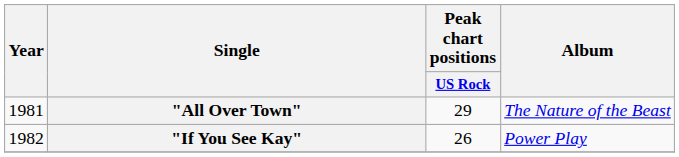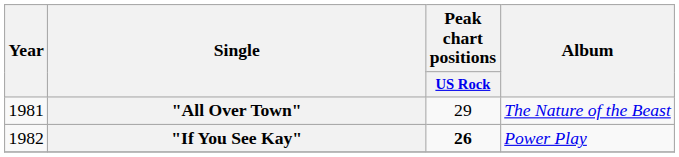 <table class="wikitable plainrowheaders" style="text-align:center;">
 <tr>
 <th rowspan="2">Year</th>
 <th rowspan="2" style="width:21em;">Single</th>
 <th>Peak chart<br>positions</th>
 <th rowspan="2">Album</th>
 </tr>
 <tr style="font-size:smaller;">
 <th width="60"><a href='#'>US Rock</a></th>
 </tr>
 <tr>
 <td>1981</td>
 <th scope="row">"All Over Town"</th>
 <td>29</td>
 <td align="left"><em><a href='#'>The Nature of the Beast</a></em></td>
 </tr>
 <tr>
 <td>1982</td>
 <th scope="row">"If You See Kay"</th>
-<td>26</td>
+<td><strong>26</strong></td>
 <td align="left"><em><a href='#'>Power Play</a></em></td>
 </tr>
 <tr>
 </tr>
 </table>
